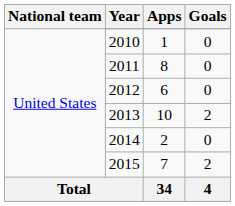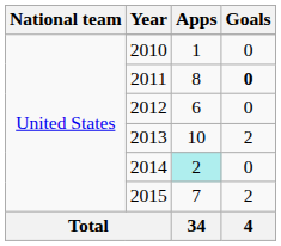 <table class="wikitable" style="text-align:center">
 <tr>
 <th>National team</th>
 <th>Year</th>
 <th>Apps</th>
 <th>Goals</th>
 </tr>
 <tr>
 <td rowspan=7><a href='#'>United States</a></td>
 </tr>
 <tr>
 <td>2010</td>
 <td>1</td>
 <td>0</td>
 </tr>
 <tr>
 <td>2011</td>
 <td>8</td>
-<td>0</td>
+<td><strong>0</strong></td>
 </tr>
 <tr>
 <td>2012</td>
 <td>6</td>
 <td>0</td>
 </tr>
 <tr>
 <td>2013</td>
 <td>10</td>
 <td>2</td>
 </tr>
 <tr>
 <td>2014</td>
-<td>2</td>
+<td style="background: paleturquoise;">2</td>
 <td>0</td>
 </tr>
 <tr>
 <td>2015</td>
 <td>7</td>
 <td>2</td>
 </tr>
 <tr>
 <th colspan="2">Total</th>
 <th>34</th>
 <th>4</th>
 </tr>
 </table>
